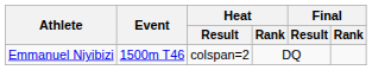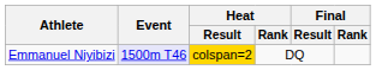 <table class="wikitable" style="font-size:90%">
 <tr>
 <th rowspan="2">Athlete</th>
 <th rowspan="2">Event</th>
 <th colspan="2">Heat</th>
 <th colspan="2">Final</th>
 </tr>
 <tr style="font-size:95%">
 <th>Result</th>
 <th>Rank</th>
 <th>Result</th>
 <th>Rank</th>
 </tr>
 <tr align=center>
 <td align=left><a href='#'>Emmanuel Niyibizi</a></td>
-<td align=left><a href='#'>1500m T46</a></td>
-<td>colspan=2 </td>
+<td align=left style="background: lavender;"><a href='#'>1500m T46</a></td>
+<td style="background: gold;">colspan=2 </td>
 <td colspan=2>DQ</td>
 </tr>
 </table>
